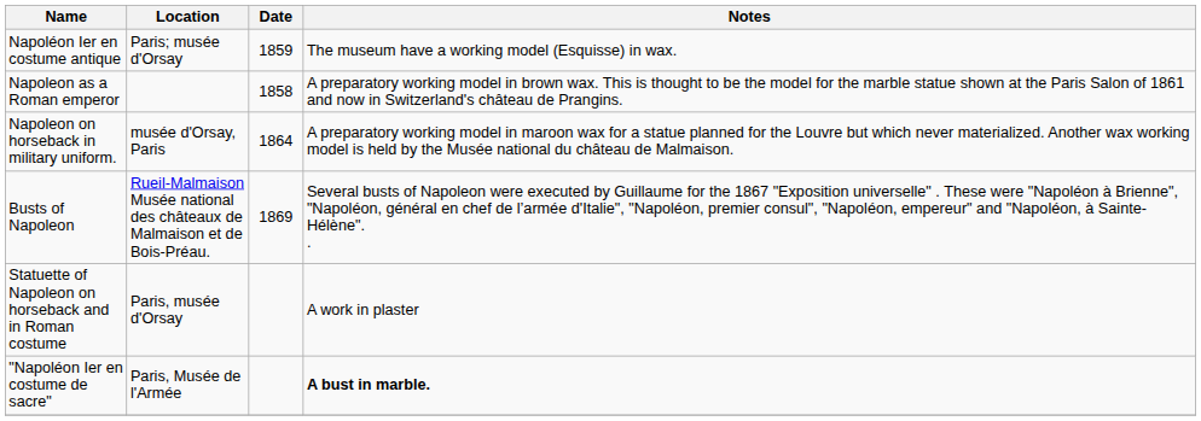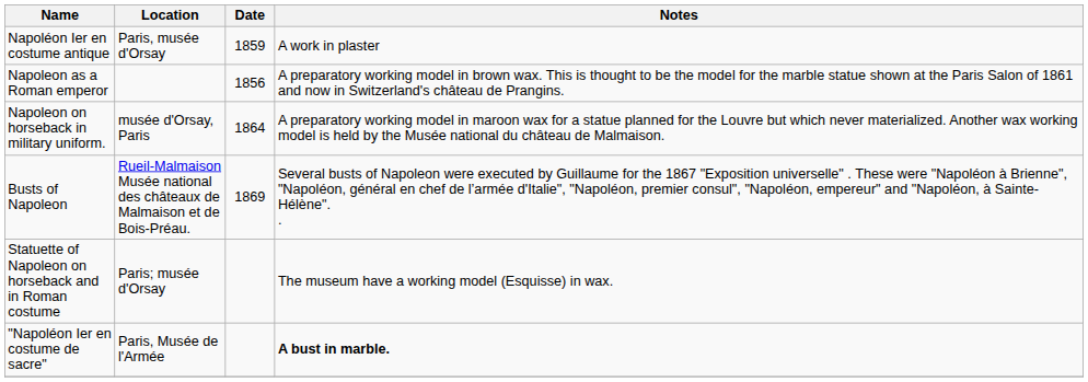 <table class="wikitable sortable plainrowheaders">
 <tr>
 <th style="width:120px">Name</th>
 <th style="width:120px">Location</th>
 <th style="width:50px">Date</th>
 <th class="unsortable">Notes</th>
 </tr>
 <tr>
 <td>Napoléon Ier en costume antique</td>
-<td>Paris; musée d'Orsay</td>
+<td>Paris, musée d'Orsay</td>
 <td align="center">1859</td>
-<td>The museum have a working model (Esquisse) in wax.</td>
+<td>A work in plaster<br></td>
 </tr>
 <tr>
 <td>Napoleon as a Roman emperor</td>
 <td></td>
-<td align="center">1858</td>
+<td align="center">1856</td>
 <td>A preparatory working model in brown wax. This is thought to be the model for the marble statue shown at the Paris Salon of 1861 and now in Switzerland's château de Prangins.<br></td>
 </tr>
 <tr>
 <td>Napoleon on horseback in military uniform.</td>
 <td>musée d'Orsay, Paris</td>
 <td align="center">1864</td>
 <td>A preparatory working model in maroon wax for a statue planned for the Louvre but which never materialized. Another wax working model is held by the Musée national du château de Malmaison.<br></td>
 </tr>
 <tr>
 <td>Busts of Napoleon</td>
 <td><a href='#'>Rueil-Malmaison</a> Musée national des châteaux de Malmaison et de Bois-Préau.</td>
 <td align="center">1869</td>
 <td>Several busts of Napoleon were executed by Guillaume for the 1867 "Exposition universelle" . These were "Napoléon à Brienne", "Napoléon, général en chef de l’armée d'Italie", "Napoléon, premier consul", "Napoléon, empereur" and "Napoléon, à Sainte-Hélène".<br> .   </td>
 </tr>
 <tr>
 <td>Statuette of Napoleon on horseback and in Roman costume</td>
-<td>Paris, musée d'Orsay</td>
+<td>Paris; musée d'Orsay</td>
 <td align="center"></td>
-<td>A work in plaster<br></td>
+<td>The museum have a working model (Esquisse) in wax.</td>
 </tr>
 <tr>
 <td>"Napoléon Ier en costume de sacre"</td>
 <td>Paris, Musée de l'Armée</td>
 <td align="center"></td>
 <td><strong>A bust in marble.</strong></td>
 </tr>
 <tr>
 </tr>
 </table>
